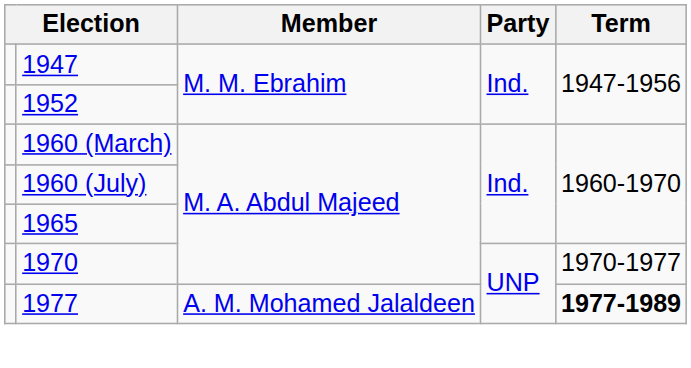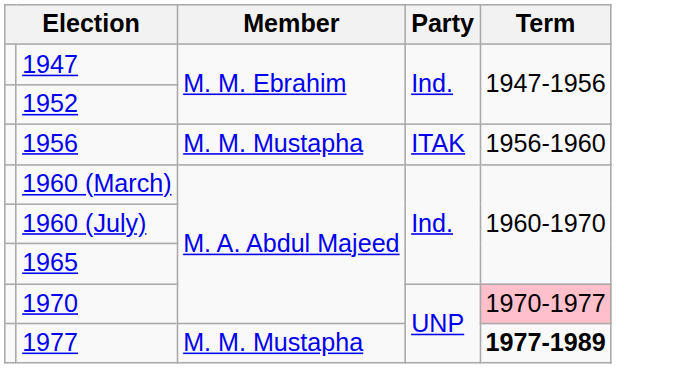 <table class="wikitable">
 <tr>
 <th colspan="2">Election</th>
 <th>Member</th>
 <th>Party</th>
 <th>Term</th>
 </tr>
 <tr>
 <td style="background-color: "></td>
 <td><a href='#'>1947</a></td>
 <td rowspan ="2"><a href='#'>M. M. Ebrahim</a></td>
 <td rowspan ="2"><a href='#'>Ind.</a></td>
 <td rowspan ="2">1947-1956</td>
 </tr>
 <tr>
 <td style="background-color: "></td>
 <td><a href='#'>1952</a></td>
 </tr>
 <tr>
 <td style="background-color: "></td>
+<td><a href='#'>1956</a></td>
+<td><a href='#'>M. M. Mustapha</a></td>
+<td><a href='#'>ITAK</a></td>
+<td>1956-1960</td>
+</tr>
+<tr>
+<td style="background-color: "></td>
 <td><a href='#'>1960 (March)</a></td>
 <td rowspan ="4"><a href='#'>M. A. Abdul Majeed</a></td>
 <td rowspan ="3"><a href='#'>Ind.</a></td>
 <td rowspan ="3">1960-1970</td>
 </tr>
 <tr>
 <td style="background-color: "></td>
 <td><a href='#'>1960 (July)</a></td>
 </tr>
 <tr>
 <td style="background-color: "></td>
 <td><a href='#'>1965</a></td>
 </tr>
 <tr>
 <td style="background-color: "></td>
 <td><a href='#'>1970</a></td>
 <td rowspan ="2"><a href='#'>UNP</a></td>
-<td>1970-1977</td>
+<td style="background: pink;">1970-1977</td>
 </tr>
 <tr>
 <td style="background-color: "></td>
 <td><a href='#'>1977</a></td>
-<td><a href='#'>A. M. Mohamed Jalaldeen</a></td>
+<td><a href='#'>M. M. Mustapha</a></td>
 <td><strong>1977-1989</strong></td>
 </tr>
 </table>
